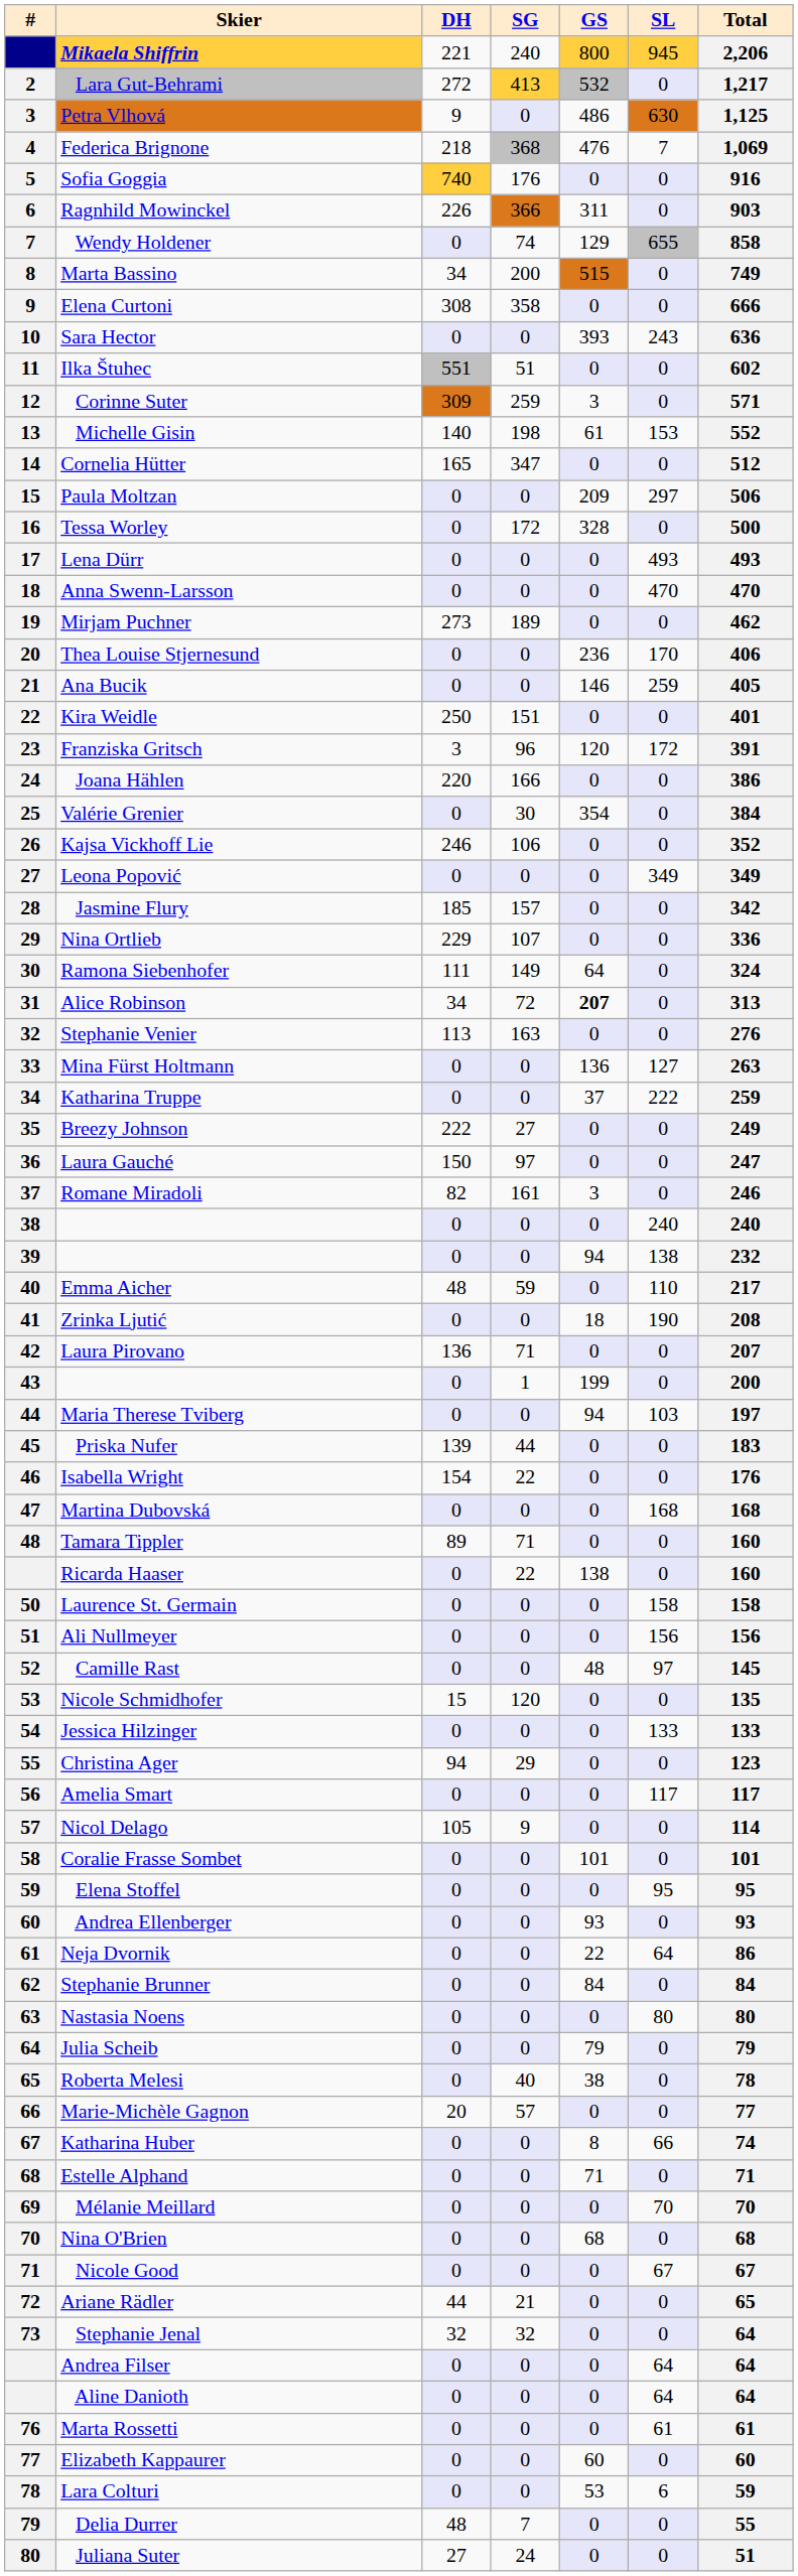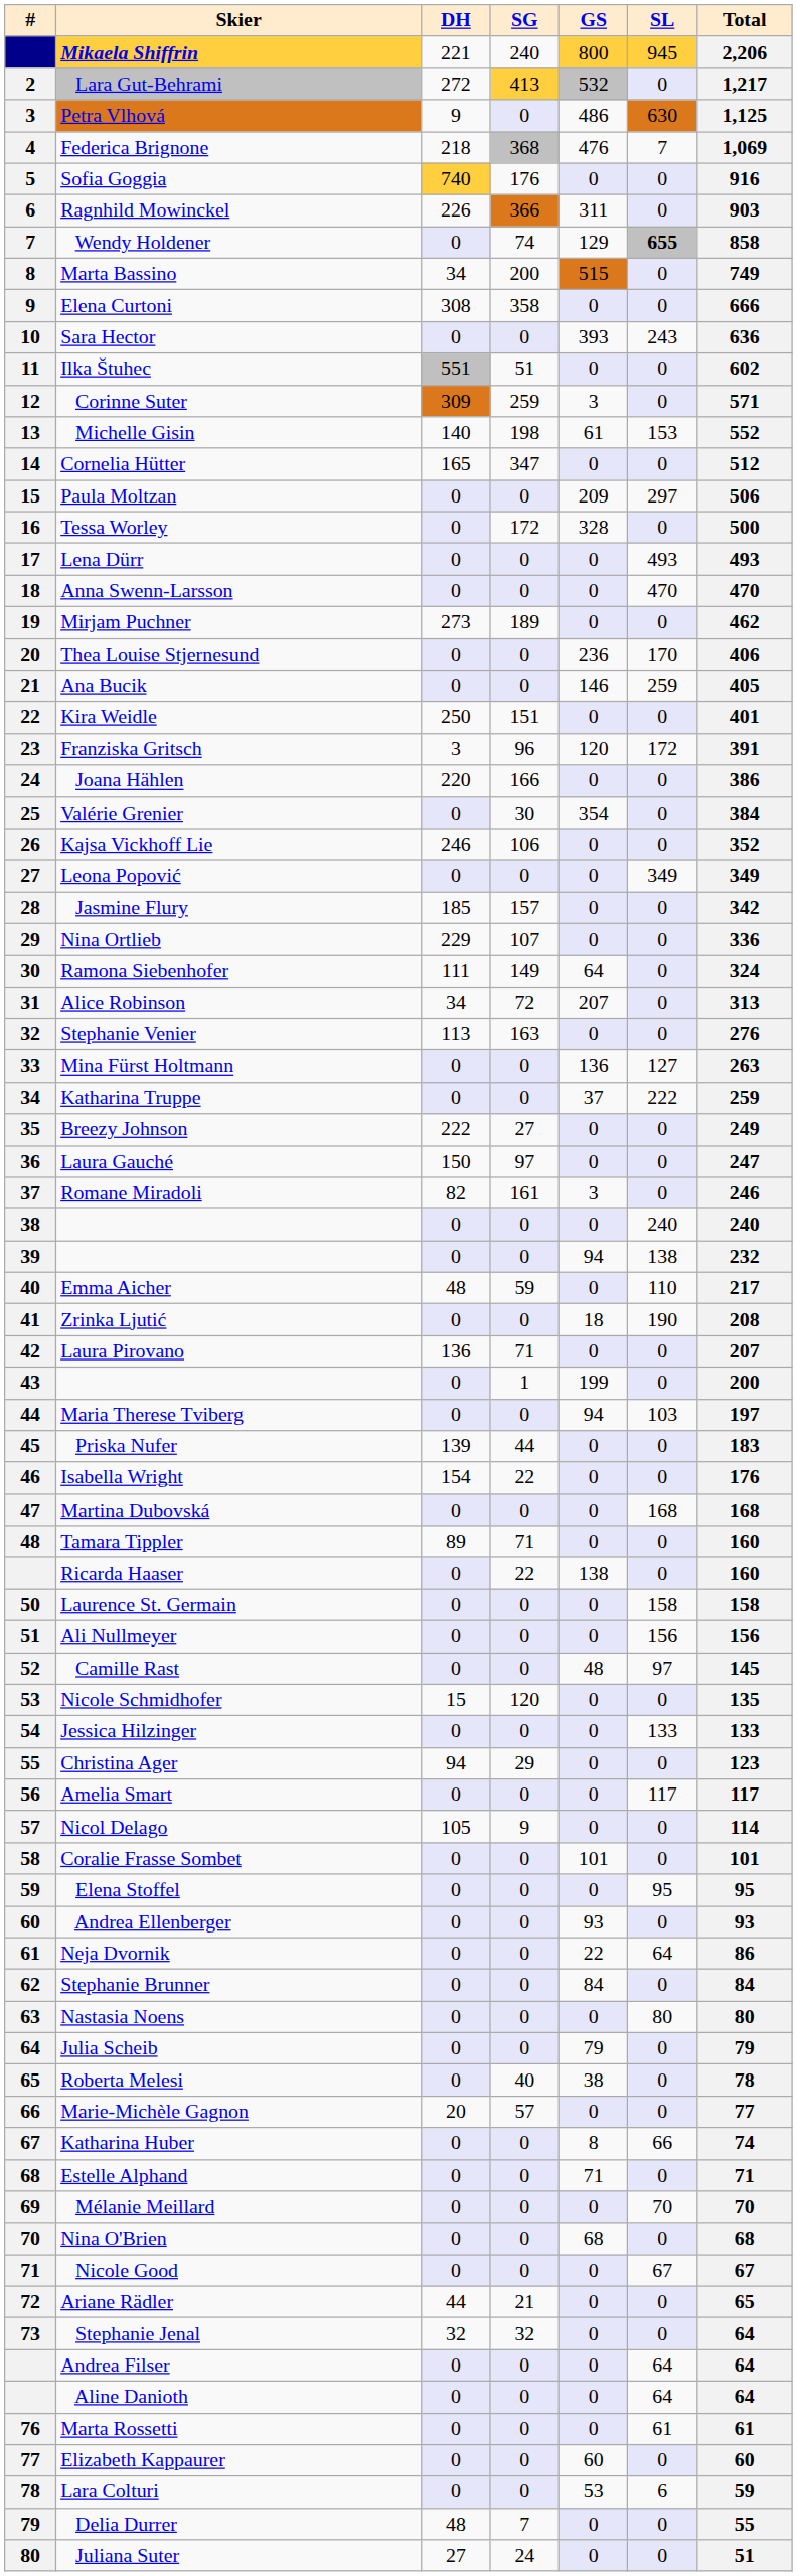 <table class="wikitable" width=50% style="font-size:100%; text-align:center;">
 <tr>
 <td bgcolor=ffebcd><strong>#</strong></td>
 <td bgcolor=ffebcd><strong>Skier</strong></td>
 <td bgcolor=ffebcd><strong><a href='#'>DH</a></strong><br></td>
 <td bgcolor=ffebcd><strong><a href='#'>SG</a></strong><br></td>
 <td bgcolor=ffebcd><strong><a href='#'>GS</a></strong><br></td>
 <td bgcolor=ffebcd><strong><a href='#'>SL</a></strong><br></td>
 <td bgcolor=ffebcd><strong>Total</strong></td>
 </tr>
 <tr>
 <td bgcolor=darkblue></td>
 <td align=left bgcolor=ffcf40> <strong><em><a href='#'>Mikaela Shiffrin</a></em></strong></td>
 <td>221</td>
 <td>240</td>
 <td bgcolor=ffcf40>800</td>
 <td bgcolor=ffcf40>945</td>
 <th>2,206</th>
 </tr>
 <tr>
 <th>2</th>
 <td align=left bgcolor=c0c0c0>   <a href='#'>Lara Gut-Behrami</a></td>
 <td>272</td>
 <td bgcolor=ffcf40>413</td>
 <td bgcolor=c0c0c0>532</td>
 <td bgcolor=lavender>0</td>
 <th>1,217</th>
 </tr>
 <tr>
 <th>3</th>
 <td align=left bgcolor=db781b> <a href='#'>Petra Vlhová</a></td>
 <td>9</td>
 <td bgcolor=lavender>0</td>
 <td>486</td>
 <td bgcolor=db781b>630</td>
 <th>1,125</th>
 </tr>
 <tr>
 <th>4</th>
 <td align=left> <a href='#'>Federica Brignone</a></td>
 <td>218</td>
 <td bgcolor=c0c0c0>368</td>
 <td>476</td>
 <td>7</td>
 <th>1,069</th>
 </tr>
 <tr>
 <th>5</th>
 <td align=left> <a href='#'>Sofia Goggia</a></td>
 <td bgcolor=ffcf40>740</td>
 <td>176</td>
 <td bgcolor=lavender>0</td>
 <td bgcolor=lavender>0</td>
 <th>916</th>
 </tr>
 <tr>
 <th>6</th>
 <td align=left> <a href='#'>Ragnhild Mowinckel</a></td>
 <td>226</td>
 <td bgcolor=db781b>366</td>
 <td>311</td>
 <td bgcolor=lavender>0</td>
 <th>903</th>
 </tr>
 <tr>
 <th>7</th>
 <td align=left>   <a href='#'>Wendy Holdener</a></td>
 <td bgcolor=lavender>0</td>
 <td>74</td>
 <td>129</td>
-<td bgcolor=c0c0c0>655</td>
+<td bgcolor=c0c0c0><strong>655</strong></td>
 <th>858</th>
 </tr>
 <tr>
 <th>8</th>
 <td align=left> <a href='#'>Marta Bassino</a></td>
 <td>34</td>
 <td>200</td>
 <td bgcolor=db781b>515</td>
 <td bgcolor=lavender>0</td>
 <th>749</th>
 </tr>
 <tr>
 <th>9</th>
 <td align=left> <a href='#'>Elena Curtoni</a></td>
 <td>308</td>
 <td>358</td>
 <td bgcolor=lavender>0</td>
 <td bgcolor=lavender>0</td>
 <th>666</th>
 </tr>
 <tr>
 <th>10</th>
 <td align=left> <a href='#'>Sara Hector</a></td>
 <td bgcolor=lavender>0</td>
 <td bgcolor=lavender>0</td>
 <td>393</td>
 <td>243</td>
 <th>636</th>
 </tr>
 <tr>
 <th>11</th>
 <td align=left> <a href='#'>Ilka Štuhec</a></td>
 <td bgcolor=c0c0c0>551</td>
 <td>51</td>
 <td bgcolor=lavender>0</td>
 <td bgcolor=lavender>0</td>
 <th>602</th>
 </tr>
 <tr>
 <th>12</th>
 <td align=left>   <a href='#'>Corinne Suter</a></td>
 <td bgcolor=db781b>309</td>
 <td>259</td>
 <td>3</td>
 <td bgcolor=lavender>0</td>
 <th>571</th>
 </tr>
 <tr>
 <th>13</th>
 <td align=left>   <a href='#'>Michelle Gisin</a></td>
 <td>140</td>
 <td>198</td>
 <td>61</td>
 <td>153</td>
 <th>552</th>
 </tr>
 <tr>
 <th>14</th>
 <td align=left> <a href='#'>Cornelia Hütter</a></td>
 <td>165</td>
 <td>347</td>
 <td bgcolor=lavender>0</td>
 <td bgcolor=lavender>0</td>
 <th>512</th>
 </tr>
 <tr>
 <th>15</th>
 <td align=left> <a href='#'>Paula Moltzan</a></td>
 <td bgcolor=lavender>0</td>
 <td bgcolor=lavender>0</td>
 <td>209</td>
 <td>297</td>
 <th>506</th>
 </tr>
 <tr>
 <th>16</th>
 <td align=left> <a href='#'>Tessa Worley</a></td>
 <td bgcolor=lavender>0</td>
 <td>172</td>
 <td>328</td>
 <td bgcolor=lavender>0</td>
 <th>500</th>
 </tr>
 <tr>
 <th>17</th>
 <td align=left> <a href='#'>Lena Dürr</a></td>
 <td bgcolor=lavender>0</td>
 <td bgcolor=lavender>0</td>
 <td bgcolor=lavender>0</td>
 <td>493</td>
 <th>493</th>
 </tr>
 <tr>
 <th>18</th>
 <td align=left> <a href='#'>Anna Swenn-Larsson</a></td>
 <td bgcolor=lavender>0</td>
 <td bgcolor=lavender>0</td>
 <td bgcolor=lavender>0</td>
 <td>470</td>
 <th>470</th>
 </tr>
 <tr>
 <th>19</th>
 <td align=left> <a href='#'>Mirjam Puchner</a></td>
 <td>273</td>
 <td>189</td>
 <td bgcolor=lavender>0</td>
 <td bgcolor=lavender>0</td>
 <th>462</th>
 </tr>
 <tr>
 <th>20</th>
 <td align=left> <a href='#'>Thea Louise Stjernesund</a></td>
 <td bgcolor=lavender>0</td>
 <td bgcolor=lavender>0</td>
 <td>236</td>
 <td>170</td>
 <th>406</th>
 </tr>
 <tr>
 <th>21</th>
 <td align=left> <a href='#'>Ana Bucik</a></td>
 <td bgcolor=lavender>0</td>
 <td bgcolor=lavender>0</td>
 <td>146</td>
 <td>259</td>
 <th>405</th>
 </tr>
 <tr>
 <th>22</th>
 <td align=left> <a href='#'>Kira Weidle</a></td>
 <td>250</td>
 <td>151</td>
 <td bgcolor=lavender>0</td>
 <td bgcolor=lavender>0</td>
 <th>401</th>
 </tr>
 <tr>
 <th>23</th>
 <td align=left> <a href='#'>Franziska Gritsch</a></td>
 <td>3</td>
 <td>96</td>
 <td>120</td>
 <td>172</td>
 <th>391</th>
 </tr>
 <tr>
 <th>24</th>
 <td align=left>   <a href='#'>Joana Hählen</a></td>
 <td>220</td>
 <td>166</td>
 <td bgcolor=lavender>0</td>
 <td bgcolor=lavender>0</td>
 <th>386</th>
 </tr>
 <tr>
 <th>25</th>
 <td align=left> <a href='#'>Valérie Grenier</a></td>
 <td bgcolor=lavender>0</td>
 <td>30</td>
 <td>354</td>
 <td bgcolor=lavender>0</td>
 <th>384</th>
 </tr>
 <tr>
 <th>26</th>
 <td align=left> <a href='#'>Kajsa Vickhoff Lie</a></td>
 <td>246</td>
 <td>106</td>
 <td bgcolor=lavender>0</td>
 <td bgcolor=lavender>0</td>
 <th>352</th>
 </tr>
 <tr>
 <th>27</th>
 <td align=left> <a href='#'>Leona Popović</a></td>
 <td bgcolor=lavender>0</td>
 <td bgcolor=lavender>0</td>
 <td bgcolor=lavender>0</td>
 <td>349</td>
 <th>349</th>
 </tr>
 <tr>
 <th>28</th>
 <td align=left>   <a href='#'>Jasmine Flury</a></td>
 <td>185</td>
 <td>157</td>
 <td bgcolor=lavender>0</td>
 <td bgcolor=lavender>0</td>
 <th>342</th>
 </tr>
 <tr>
 <th>29</th>
 <td align=left> <a href='#'>Nina Ortlieb</a></td>
 <td>229</td>
 <td>107</td>
 <td bgcolor=lavender>0</td>
 <td bgcolor=lavender>0</td>
 <th>336</th>
 </tr>
 <tr>
 <th>30</th>
 <td align=left> <a href='#'>Ramona Siebenhofer</a></td>
 <td>111</td>
 <td>149</td>
 <td>64</td>
 <td bgcolor=lavender>0</td>
 <th>324</th>
 </tr>
 <tr>
 <th>31</th>
 <td align=left> <a href='#'>Alice Robinson</a></td>
 <td>34</td>
 <td>72</td>
-<td><strong>207</strong></td>
+<td>207</td>
 <td bgcolor=lavender>0</td>
 <th>313</th>
 </tr>
 <tr>
 <th>32</th>
 <td align=left> <a href='#'>Stephanie Venier</a></td>
 <td>113</td>
 <td>163</td>
 <td bgcolor=lavender>0</td>
 <td bgcolor=lavender>0</td>
 <th>276</th>
 </tr>
 <tr>
 <th>33</th>
 <td align=left> <a href='#'>Mina Fürst Holtmann</a></td>
 <td bgcolor=lavender>0</td>
 <td bgcolor=lavender>0</td>
 <td>136</td>
 <td>127</td>
 <th>263</th>
 </tr>
 <tr>
 <th>34</th>
 <td align=left> <a href='#'>Katharina Truppe</a></td>
 <td bgcolor=lavender>0</td>
 <td bgcolor=lavender>0</td>
 <td>37</td>
 <td>222</td>
 <th>259</th>
 </tr>
 <tr>
 <th>35</th>
 <td align=left> <a href='#'>Breezy Johnson</a></td>
 <td>222</td>
 <td>27</td>
 <td bgcolor=lavender>0</td>
 <td bgcolor=lavender>0</td>
 <th>249</th>
 </tr>
 <tr>
 <th>36</th>
 <td align=left> <a href='#'>Laura Gauché</a></td>
 <td>150</td>
 <td>97</td>
 <td bgcolor=lavender>0</td>
 <td bgcolor=lavender>0</td>
 <th>247</th>
 </tr>
 <tr>
 <th>37</th>
 <td align=left> <a href='#'>Romane Miradoli</a></td>
 <td>82</td>
 <td>161</td>
 <td>3</td>
 <td bgcolor=lavender>0</td>
 <th>246</th>
 </tr>
 <tr>
 <th>38</th>
 <td align=left></td>
 <td bgcolor=lavender>0</td>
 <td bgcolor=lavender>0</td>
 <td bgcolor=lavender>0</td>
 <td>240</td>
 <th>240</th>
 </tr>
 <tr>
 <th>39</th>
 <td align=left></td>
 <td bgcolor=lavender>0</td>
 <td bgcolor=lavender>0</td>
 <td>94</td>
 <td>138</td>
 <th>232</th>
 </tr>
 <tr>
 <th>40</th>
 <td align=left> <a href='#'>Emma Aicher</a></td>
 <td>48</td>
 <td>59</td>
 <td bgcolor=lavender>0</td>
 <td>110</td>
 <th>217</th>
 </tr>
 <tr>
 <th>41</th>
 <td align=left> <a href='#'>Zrinka Ljutić</a></td>
 <td bgcolor=lavender>0</td>
 <td bgcolor=lavender>0</td>
 <td>18</td>
 <td>190</td>
 <th>208</th>
 </tr>
 <tr>
 <th>42</th>
 <td align=left> <a href='#'>Laura Pirovano</a></td>
 <td>136</td>
 <td>71</td>
 <td bgcolor=lavender>0</td>
 <td bgcolor=lavender>0</td>
 <th>207</th>
 </tr>
 <tr>
 <th>43</th>
 <td align=left></td>
 <td bgcolor=lavender>0</td>
 <td>1</td>
 <td>199</td>
 <td bgcolor=lavender>0</td>
 <th>200</th>
 </tr>
 <tr>
 <th>44</th>
 <td align=left> <a href='#'>Maria Therese Tviberg</a></td>
 <td bgcolor=lavender>0</td>
 <td bgcolor=lavender>0</td>
 <td>94</td>
 <td>103</td>
 <th>197</th>
 </tr>
 <tr>
 <th>45</th>
 <td align=left>   <a href='#'>Priska Nufer</a></td>
 <td>139</td>
 <td>44</td>
 <td bgcolor=lavender>0</td>
 <td bgcolor=lavender>0</td>
 <th>183</th>
 </tr>
 <tr>
 <th>46</th>
 <td align=left> <a href='#'>Isabella Wright</a></td>
 <td>154</td>
 <td>22</td>
 <td bgcolor=lavender>0</td>
 <td bgcolor=lavender>0</td>
 <th>176</th>
 </tr>
 <tr>
 <th>47</th>
 <td align=left> <a href='#'>Martina Dubovská</a></td>
 <td bgcolor=lavender>0</td>
 <td bgcolor=lavender>0</td>
 <td bgcolor=lavender>0</td>
 <td>168</td>
 <th>168</th>
 </tr>
 <tr>
 <th>48</th>
 <td align=left> <a href='#'>Tamara Tippler</a></td>
 <td>89</td>
 <td>71</td>
 <td bgcolor=lavender>0</td>
 <td bgcolor=lavender>0</td>
 <th>160</th>
 </tr>
 <tr>
 <th></th>
 <td align=left> <a href='#'>Ricarda Haaser</a></td>
 <td bgcolor=lavender>0</td>
 <td>22</td>
 <td>138</td>
 <td bgcolor=lavender>0</td>
 <th>160</th>
 </tr>
 <tr>
 <th>50</th>
 <td align=left> <a href='#'>Laurence St. Germain</a></td>
 <td bgcolor=lavender>0</td>
 <td bgcolor=lavender>0</td>
 <td bgcolor=lavender>0</td>
 <td>158</td>
 <th>158</th>
 </tr>
 <tr>
 <th>51</th>
 <td align=left> <a href='#'>Ali Nullmeyer</a></td>
 <td bgcolor=lavender>0</td>
 <td bgcolor=lavender>0</td>
 <td bgcolor=lavender>0</td>
 <td>156</td>
 <th>156</th>
 </tr>
 <tr>
 <th>52</th>
 <td align=left>   <a href='#'>Camille Rast</a></td>
 <td bgcolor=lavender>0</td>
 <td bgcolor=lavender>0</td>
 <td>48</td>
 <td>97</td>
 <th>145</th>
 </tr>
 <tr>
 <th>53</th>
 <td align=left> <a href='#'>Nicole Schmidhofer</a></td>
 <td>15</td>
 <td>120</td>
 <td bgcolor=lavender>0</td>
 <td bgcolor=lavender>0</td>
 <th>135</th>
 </tr>
 <tr>
 <th>54</th>
 <td align=left> <a href='#'>Jessica Hilzinger</a></td>
 <td bgcolor=lavender>0</td>
 <td bgcolor=lavender>0</td>
 <td bgcolor=lavender>0</td>
 <td>133</td>
 <th>133</th>
 </tr>
 <tr>
 <th>55</th>
 <td align=left> <a href='#'>Christina Ager</a></td>
 <td>94</td>
 <td>29</td>
 <td bgcolor=lavender>0</td>
 <td bgcolor=lavender>0</td>
 <th>123</th>
 </tr>
 <tr>
 <th>56</th>
 <td align=left> <a href='#'>Amelia Smart</a></td>
 <td bgcolor=lavender>0</td>
 <td bgcolor=lavender>0</td>
 <td bgcolor=lavender>0</td>
 <td>117</td>
 <th>117</th>
 </tr>
 <tr>
 <th>57</th>
 <td align=left> <a href='#'>Nicol Delago</a></td>
 <td>105</td>
 <td>9</td>
 <td bgcolor=lavender>0</td>
 <td bgcolor=lavender>0</td>
 <th>114</th>
 </tr>
 <tr>
 <th>58</th>
 <td align=left> <a href='#'>Coralie Frasse Sombet</a></td>
 <td bgcolor=lavender>0</td>
 <td bgcolor=lavender>0</td>
 <td>101</td>
 <td bgcolor=lavender>0</td>
 <th>101</th>
 </tr>
 <tr>
 <th>59</th>
 <td align=left>   <a href='#'>Elena Stoffel</a></td>
 <td bgcolor=lavender>0</td>
 <td bgcolor=lavender>0</td>
 <td bgcolor=lavender>0</td>
 <td>95</td>
 <th>95</th>
 </tr>
 <tr>
 <th>60</th>
 <td align=left>   <a href='#'>Andrea Ellenberger</a></td>
 <td bgcolor=lavender>0</td>
 <td bgcolor=lavender>0</td>
 <td>93</td>
 <td bgcolor=lavender>0</td>
 <th>93</th>
 </tr>
 <tr>
 <th>61</th>
 <td align=left> <a href='#'>Neja Dvornik</a></td>
 <td bgcolor=lavender>0</td>
 <td bgcolor=lavender>0</td>
 <td>22</td>
 <td>64</td>
 <th>86</th>
 </tr>
 <tr>
 <th>62</th>
 <td align=left> <a href='#'>Stephanie Brunner</a></td>
 <td bgcolor=lavender>0</td>
 <td bgcolor=lavender>0</td>
 <td>84</td>
 <td bgcolor=lavender>0</td>
 <th>84</th>
 </tr>
 <tr>
 <th>63</th>
 <td align=left> <a href='#'>Nastasia Noens</a></td>
 <td bgcolor=lavender>0</td>
 <td bgcolor=lavender>0</td>
 <td bgcolor=lavender>0</td>
 <td>80</td>
 <th>80</th>
 </tr>
 <tr>
 <th>64</th>
 <td align=left> <a href='#'>Julia Scheib</a></td>
 <td bgcolor=lavender>0</td>
 <td bgcolor=lavender>0</td>
 <td>79</td>
 <td bgcolor=lavender>0</td>
 <th>79</th>
 </tr>
 <tr>
 <th>65</th>
 <td align=left> <a href='#'>Roberta Melesi</a></td>
 <td bgcolor=lavender>0</td>
 <td>40</td>
 <td>38</td>
 <td bgcolor=lavender>0</td>
 <th>78</th>
 </tr>
 <tr>
 <th>66</th>
 <td align=left> <a href='#'>Marie-Michèle Gagnon</a></td>
 <td>20</td>
 <td>57</td>
 <td bgcolor=lavender>0</td>
 <td bgcolor=lavender>0</td>
 <th>77</th>
 </tr>
 <tr>
 <th>67</th>
 <td align=left> <a href='#'>Katharina Huber</a></td>
 <td bgcolor=lavender>0</td>
 <td bgcolor=lavender>0</td>
 <td>8</td>
 <td>66</td>
 <th>74</th>
 </tr>
 <tr>
 <th>68</th>
 <td align=left> <a href='#'>Estelle Alphand</a></td>
 <td bgcolor=lavender>0</td>
 <td bgcolor=lavender>0</td>
 <td>71</td>
 <td bgcolor=lavender>0</td>
 <th>71</th>
 </tr>
 <tr>
 <th>69</th>
 <td align=left>   <a href='#'>Mélanie Meillard</a></td>
 <td bgcolor=lavender>0</td>
 <td bgcolor=lavender>0</td>
 <td bgcolor=lavender>0</td>
 <td>70</td>
 <th>70</th>
 </tr>
 <tr>
 <th>70</th>
 <td align=left> <a href='#'>Nina O'Brien</a></td>
 <td bgcolor=lavender>0</td>
 <td bgcolor=lavender>0</td>
 <td>68</td>
 <td bgcolor=lavender>0</td>
 <th>68</th>
 </tr>
 <tr>
 <th>71</th>
 <td align=left>   <a href='#'>Nicole Good</a></td>
 <td bgcolor=lavender>0</td>
 <td bgcolor=lavender>0</td>
 <td bgcolor=lavender>0</td>
 <td>67</td>
 <th>67</th>
 </tr>
 <tr>
 <th>72</th>
 <td align=left> <a href='#'>Ariane Rädler</a></td>
 <td>44</td>
 <td>21</td>
 <td bgcolor=lavender>0</td>
 <td bgcolor=lavender>0</td>
 <th>65</th>
 </tr>
 <tr>
 <th>73</th>
 <td align=left>   <a href='#'>Stephanie Jenal</a></td>
 <td>32</td>
 <td>32</td>
 <td bgcolor=lavender>0</td>
 <td bgcolor=lavender>0</td>
 <th>64</th>
 </tr>
 <tr>
 <th></th>
 <td align=left> <a href='#'>Andrea Filser</a></td>
 <td bgcolor=lavender>0</td>
 <td bgcolor=lavender>0</td>
 <td bgcolor=lavender>0</td>
 <td>64</td>
 <th>64</th>
 </tr>
 <tr>
 <th></th>
 <td align=left>   <a href='#'>Aline Danioth</a></td>
 <td bgcolor=lavender>0</td>
 <td bgcolor=lavender>0</td>
 <td bgcolor=lavender>0</td>
 <td>64</td>
 <th>64</th>
 </tr>
 <tr>
 <th>76</th>
 <td align=left> <a href='#'>Marta Rossetti</a></td>
 <td bgcolor=lavender>0</td>
 <td bgcolor=lavender>0</td>
 <td bgcolor=lavender>0</td>
 <td>61</td>
 <th>61</th>
 </tr>
 <tr>
 <th>77</th>
 <td align=left> <a href='#'>Elizabeth Kappaurer</a></td>
 <td bgcolor=lavender>0</td>
 <td bgcolor=lavender>0</td>
 <td>60</td>
 <td bgcolor=lavender>0</td>
 <th>60</th>
 </tr>
 <tr>
 <th>78</th>
 <td align=left> <a href='#'>Lara Colturi</a></td>
 <td bgcolor=lavender>0</td>
 <td bgcolor=lavender>0</td>
 <td>53</td>
 <td>6</td>
 <th>59</th>
 </tr>
 <tr>
 <th>79</th>
 <td align=left>   <a href='#'>Delia Durrer</a></td>
 <td>48</td>
 <td>7</td>
 <td bgcolor=lavender>0</td>
 <td bgcolor=lavender>0</td>
 <th>55</th>
 </tr>
 <tr>
 <th>80</th>
 <td align=left>   <a href='#'>Juliana Suter</a></td>
 <td>27</td>
 <td>24</td>
 <td bgcolor=lavender>0</td>
 <td bgcolor=lavender>0</td>
 <th>51</th>
 </tr>
 </table>
